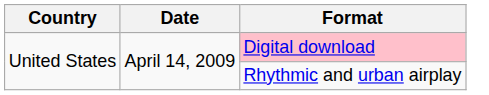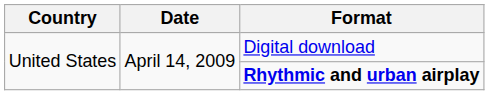 <table class="wikitable">
 <tr>
 <th>Country</th>
 <th>Date</th>
 <th>Format</th>
 </tr>
 <tr>
 <td rowspan="2">United States</td>
 <td rowspan="2">April 14, 2009</td>
-<td style="background: pink;"><a href='#'>Digital download</a></td>
+<td><a href='#'>Digital download</a></td>
 </tr>
 <tr>
-<td><a href='#'>Rhythmic</a> and <a href='#'>urban</a> airplay</td>
+<td><strong><a href='#'>Rhythmic</a> and <a href='#'>urban</a> airplay</strong></td>
 </tr>
 </table>
